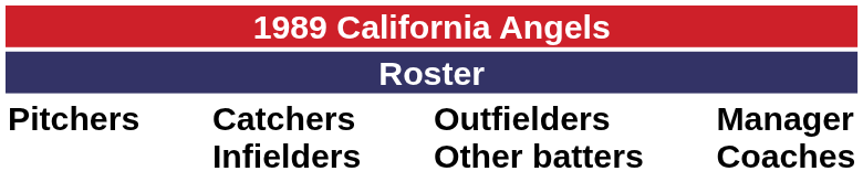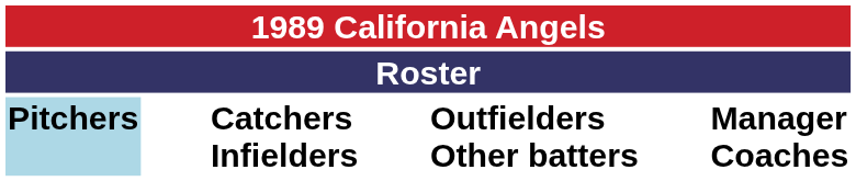 <table class="toccolours" style="font-size: 95%;">
 <tr>
 <th colspan="10" style="background-color: #CE2029; color: white; text-align: center;">1989 California Angels</th>
 </tr>
 <tr>
 <td colspan="10" style="background-color:#333366; color: white; text-align: center;"><strong>Roster</strong></td>
 </tr>
 <tr>
-<td valign="top"><strong>Pitchers</strong><br>              </td>
+<td valign="top" style="background: lightblue;"><strong>Pitchers</strong><br>              </td>
 <td width="25px"></td>
 <td valign="top"><strong>Catchers</strong><br>    <strong>Infielders</strong>          </td>
 <td width="25px"></td>
 <td valign="top"><strong>Outfielders</strong><br>       <strong>Other batters</strong> </td>
 <td width="25px"></td>
 <td valign="top"><strong>Manager</strong><br> <strong>Coaches</strong>      </td>
 </tr>
 </table>
